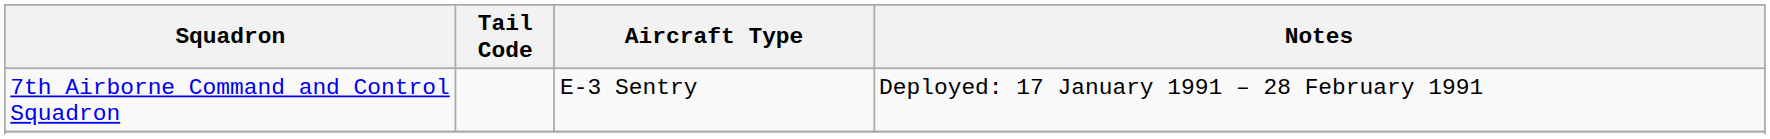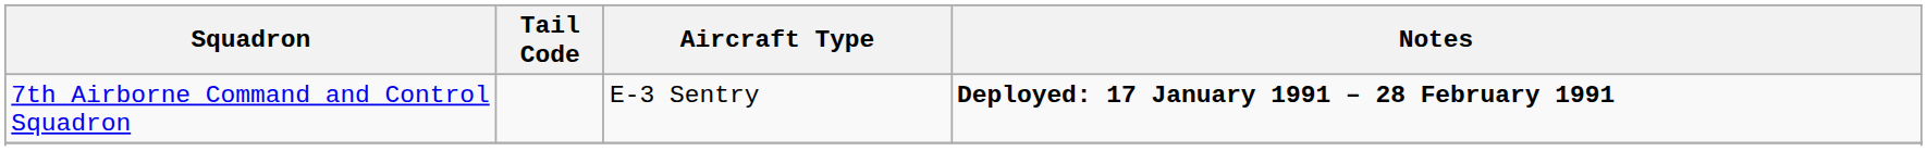 <table class="wikitable">
 <tr>
 <th scope="col" width="250">Squadron</th>
 <th scope="col" width="50">Tail Code</th>
 <th scope="col" width="175">Aircraft Type</th>
 <th scope="col" width="500">Notes</th>
 </tr>
 <tr valign="top">
 <td><a href='#'>7th Airborne Command and Control Squadron</a></td>
 <td></td>
 <td>E-3 Sentry</td>
-<td>Deployed: 17 January 1991 – 28 February 1991</td>
+<td><strong>Deployed: 17 January 1991 – 28 February 1991</strong></td>
 </tr>
 <tr>
 </tr>
 <tr>
 </tr>
 <tr>
 </tr>
 </table>
